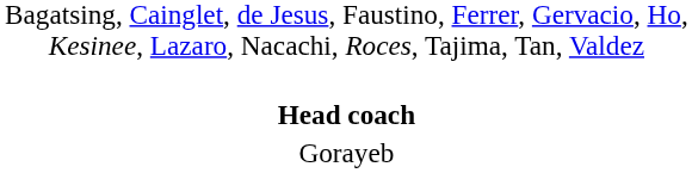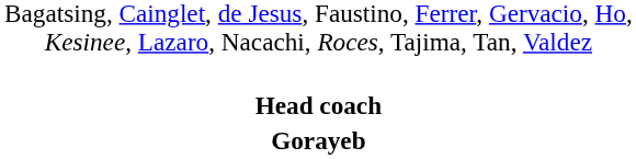 <table style="text-align: center; margin-top: 2em; margin-left: auto; margin-right: auto">
 <tr>
 <td>Bagatsing, <a href='#'>Cainglet</a>, <a href='#'>de Jesus</a>, Faustino, <a href='#'>Ferrer</a>, <a href='#'>Gervacio</a>, <a href='#'>Ho</a>,<br><em>Kesinee</em>, <a href='#'>Lazaro</a>, Nacachi, <em>Roces</em>, Tajima, Tan, <a href='#'>Valdez</a></td>
 </tr>
 <tr>
 <td><br><strong>Head coach</strong></td>
 </tr>
 <tr>
-<td>Gorayeb</td>
+<td><strong>Gorayeb</strong></td>
 </tr>
 </table>
